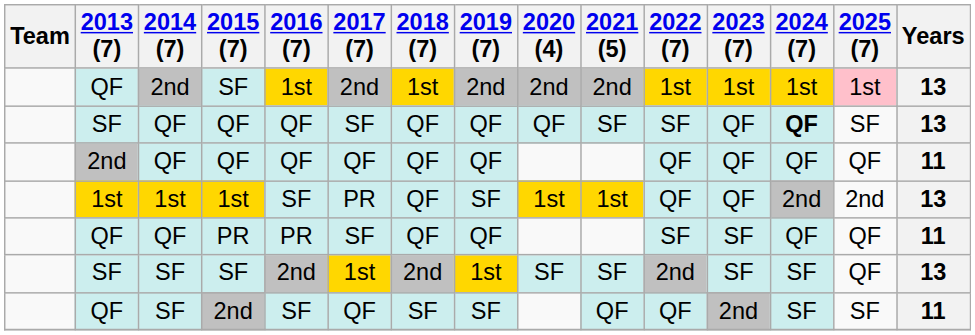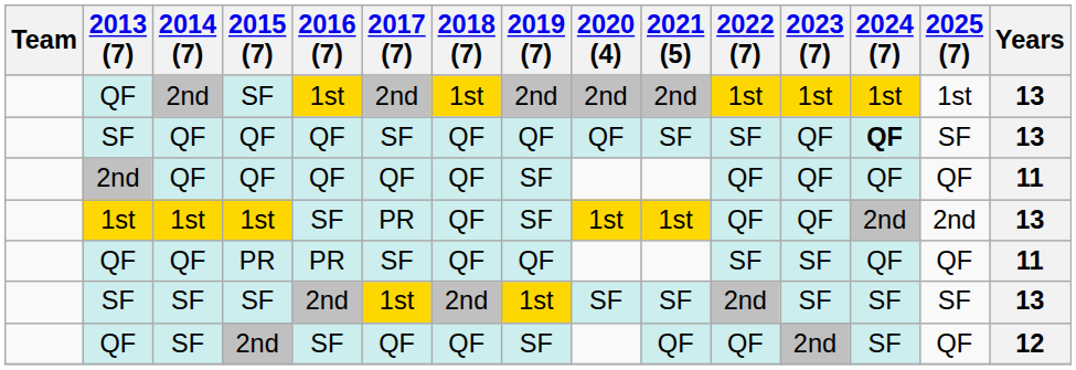 <table class="wikitable sortable" style="text-align:center">
 <tr>
 <th>Team</th>
 <th><a href='#'>2013</a> (7)</th>
 <th><a href='#'>2014</a> (7)</th>
 <th><a href='#'>2015</a> (7)</th>
 <th><a href='#'>2016</a> (7)</th>
 <th><a href='#'>2017</a> (7)</th>
 <th><a href='#'>2018</a> (7)</th>
 <th><a href='#'>2019</a> (7)</th>
 <th><a href='#'>2020</a> (4)</th>
 <th><a href='#'>2021</a> (5)</th>
 <th><a href='#'>2022</a> (7)</th>
 <th><a href='#'>2023</a> (7)</th>
 <th><a href='#'>2024</a> (7)</th>
 <th><a href='#'>2025</a> (7)</th>
 <th>Years</th>
 </tr>
 <tr>
 <td style="text-align:left;"> </td>
 <td bgcolor="#cceeee">QF</td>
 <td bgcolor="silver">2nd</td>
 <td bgcolor="#cceeee">SF</td>
 <td bgcolor="gold">1st</td>
 <td bgcolor="silver">2nd</td>
 <td bgcolor="gold">1st</td>
 <td bgcolor="silver">2nd</td>
 <td bgcolor="silver">2nd</td>
 <td bgcolor="silver">2nd</td>
 <td bgcolor="gold">1st</td>
 <td bgcolor="gold">1st</td>
 <td bgcolor="gold">1st</td>
-<td style="background: pink;">1st</td>
+<td>1st</td>
 <th>13</th>
 </tr>
 <tr>
 <td style="text-align:left;"> </td>
 <td bgcolor="#cceeee">SF</td>
 <td bgcolor="#cceeee">QF</td>
 <td bgcolor="#cceeee">QF</td>
 <td bgcolor="#cceeee">QF</td>
 <td bgcolor="#cceeee">SF</td>
 <td bgcolor="#cceeee">QF</td>
 <td bgcolor="#cceeee">QF</td>
 <td bgcolor="#cceeee">QF</td>
 <td bgcolor="#cceeee">SF</td>
 <td bgcolor="#cceeee">SF</td>
 <td bgcolor="#cceeee">QF</td>
 <td bgcolor="#cceeee"><strong>QF</strong></td>
 <td>SF</td>
 <th>13</th>
 </tr>
 <tr>
 <td style="text-align:left;"> </td>
 <td bgcolor="silver">2nd</td>
 <td bgcolor="#cceeee">QF</td>
 <td bgcolor="#cceeee">QF</td>
 <td bgcolor="#cceeee">QF</td>
 <td bgcolor="#cceeee">QF</td>
 <td bgcolor="#cceeee">QF</td>
-<td bgcolor="#cceeee">QF</td>
+<td bgcolor="#cceeee">SF</td>
 <td></td>
 <td></td>
 <td bgcolor="#cceeee">QF</td>
 <td bgcolor="#cceeee">QF</td>
 <td bgcolor="#cceeee">QF</td>
 <td>QF</td>
 <th>11</th>
 </tr>
 <tr>
 <td style="text-align:left;"> </td>
 <td bgcolor="gold">1st</td>
 <td bgcolor="gold">1st</td>
 <td bgcolor="gold">1st</td>
 <td bgcolor="#cceeee">SF</td>
 <td bgcolor="#cceeee">PR</td>
 <td bgcolor="#cceeee">QF</td>
 <td bgcolor="#cceeee">SF</td>
 <td bgcolor="gold">1st</td>
 <td bgcolor="gold">1st</td>
 <td bgcolor="#cceeee">QF</td>
 <td bgcolor="#cceeee">QF</td>
 <td bgcolor="silver">2nd</td>
 <td>2nd</td>
 <th>13</th>
 </tr>
 <tr>
 <td style="text-align:left;"> </td>
 <td bgcolor="#cceeee">QF</td>
 <td bgcolor="#cceeee">QF</td>
 <td bgcolor="#cceeee">PR</td>
 <td bgcolor="#cceeee">PR</td>
 <td bgcolor="#cceeee">SF</td>
 <td bgcolor="#cceeee">QF</td>
 <td bgcolor="#cceeee">QF</td>
 <td></td>
 <td></td>
 <td bgcolor="#cceeee">SF</td>
 <td bgcolor="#cceeee">SF</td>
 <td bgcolor="#cceeee">QF</td>
 <td>QF</td>
 <th>11</th>
 </tr>
 <tr>
 <td style="text-align:left;"> </td>
 <td bgcolor="#cceeee">SF</td>
 <td bgcolor="#cceeee">SF</td>
 <td bgcolor="#cceeee">SF</td>
 <td bgcolor="silver">2nd</td>
 <td bgcolor="gold">1st</td>
 <td bgcolor="silver">2nd</td>
 <td bgcolor="gold">1st</td>
 <td bgcolor="#cceeee">SF</td>
 <td bgcolor="#cceeee">SF</td>
 <td bgcolor="silver">2nd</td>
 <td bgcolor="#cceeee">SF</td>
 <td bgcolor="#cceeee">SF</td>
-<td>QF</td>
+<td>SF</td>
 <th>13</th>
 </tr>
 <tr>
 <td style="text-align:left;"> </td>
 <td bgcolor="#cceeee">QF</td>
 <td bgcolor="#cceeee">SF</td>
 <td bgcolor="silver">2nd</td>
 <td bgcolor="#cceeee">SF</td>
 <td bgcolor="#cceeee">QF</td>
-<td bgcolor="#cceeee">SF</td>
+<td bgcolor="#cceeee">QF</td>
 <td bgcolor="#cceeee">SF</td>
 <td></td>
 <td bgcolor="#cceeee">QF</td>
 <td bgcolor="#cceeee">QF</td>
 <td bgcolor="silver">2nd</td>
 <td bgcolor="#cceeee">SF</td>
-<td>SF</td>
-<th>11</th>
+<td>QF</td>
+<th>12</th>
 </tr>
 <tr>
 </tr>
 </table>
